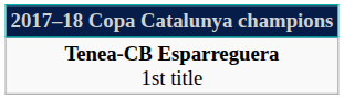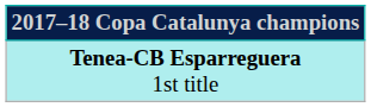 <table class=wikitable style="text-align:center; margin:auto">
 <tr>
 <th style="background: #071D49; color: #D0D3D4; border: 1px solid #00B2A9;">2017–18 Copa Catalunya champions</th>
 </tr>
 <tr>
-<td><strong>Tenea-CB Esparreguera</strong><br>1st title</td>
+<td style="background: paleturquoise;"><strong>Tenea-CB Esparreguera</strong><br>1st title</td>
 </tr>
 </table>
